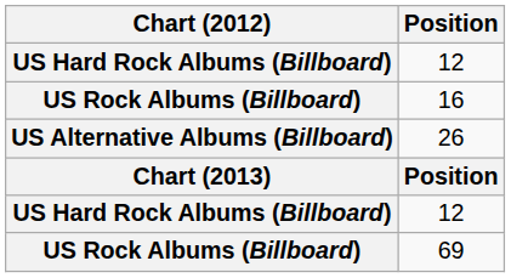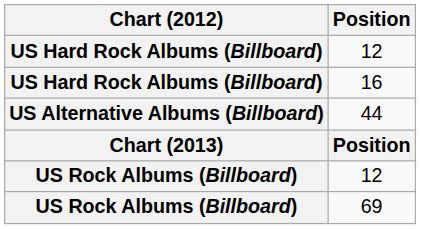 <table class="wikitable sortable plainrowheaders" style="text-align:center">
 <tr>
 <th>Chart (2012)</th>
 <th>Position</th>
 </tr>
 <tr>
 <th scope="row">US Hard Rock Albums (<em>Billboard</em>)</th>
 <td>12</td>
 </tr>
 <tr>
-<th scope="row">US Rock Albums (<em>Billboard</em>)</th>
+<th scope="row">US Hard Rock Albums (<em>Billboard</em>)</th>
 <td>16</td>
 </tr>
 <tr>
 <th scope="row">US Alternative Albums (<em>Billboard</em>)</th>
-<td>26</td>
+<td>44</td>
 </tr>
 <tr>
 <th>Chart (2013)</th>
 <th>Position</th>
 </tr>
 <tr>
-<th scope="row">US Hard Rock Albums (<em>Billboard</em>)</th>
+<th scope="row">US Rock Albums (<em>Billboard</em>)</th>
 <td>12</td>
 </tr>
 <tr>
 <th scope="row">US Rock Albums (<em>Billboard</em>)</th>
 <td>69</td>
 </tr>
 </table>
